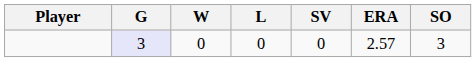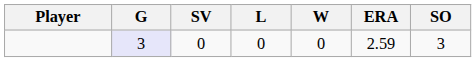 <table class="wikitable sortable">
 <tr>
 <th bgcolor="#DDDDFF" width="16%">Player</th>
 <th bgcolor="#DDDDFF" width="9%">G</th>
+<th bgcolor="#DDDDFF" width="9%">SV</th>
+<th bgcolor="#DDDDFF" width="9%">L</th>
 <th bgcolor="#DDDDFF" width="9%">W</th>
-<th bgcolor="#DDDDFF" width="9%">L</th>
-<th bgcolor="#DDDDFF" width="9%">SV</th>
 <th bgcolor="#DDDDFF" width="9%">ERA</th>
 <th bgcolor="#DDDDFF" width="9%">SO</th>
 </tr>
 <tr align="center">
 <td></td>
 <td style="background: lavender;">3</td>
 <td>0</td>
 <td>0</td>
 <td>0</td>
-<td>2.57</td>
+<td>2.59</td>
 <td>3</td>
 </tr>
 </table>
